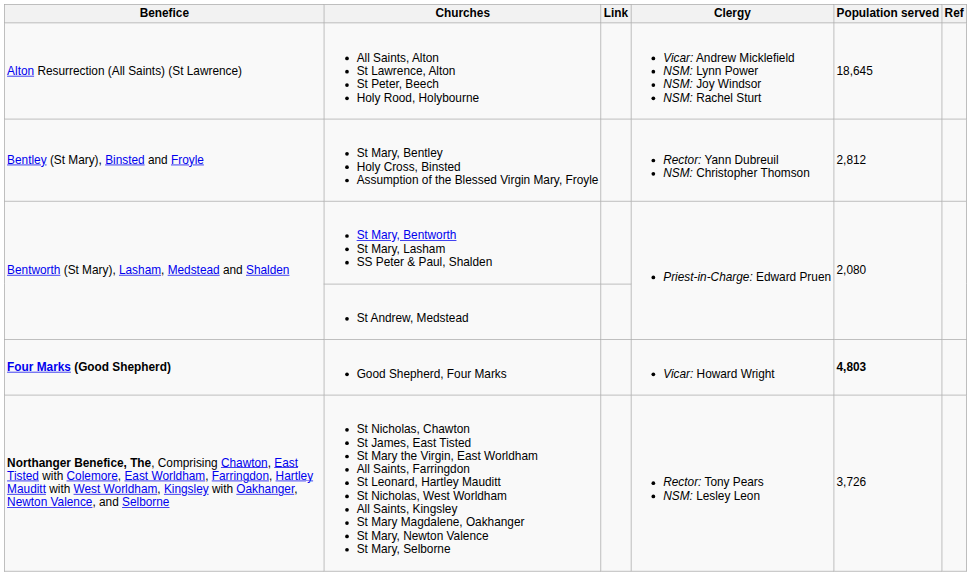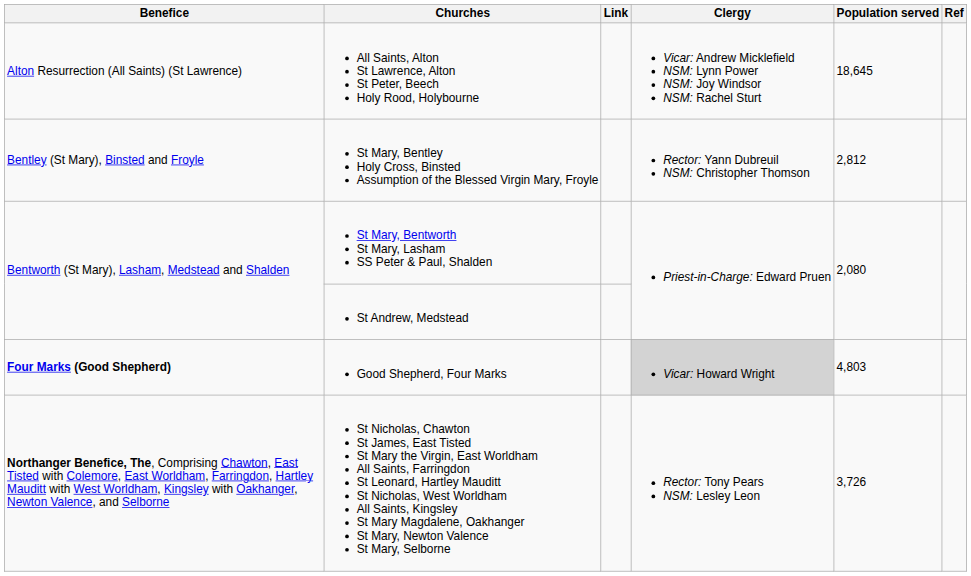 <table class="wikitable">
 <tr>
 <th style="width:425px;">Benefice</th>
 <th>Churches</th>
 <th>Link</th>
 <th>Clergy</th>
 <th>Population served</th>
 <th>Ref</th>
 </tr>
 <tr>
 <td><a href='#'>Alton</a> Resurrection (All Saints) (St Lawrence)</td>
 <td><br><ul><li>All Saints, Alton</li><li>St Lawrence, Alton</li><li>St Peter, Beech</li><li>Holy Rood, Holybourne</li></ul></td>
 <td></td>
 <td><br><ul><li><em>Vicar:</em> Andrew Micklefield</li><li><em>NSM:</em> Lynn Power</li><li><em>NSM:</em> Joy Windsor</li><li><em>NSM:</em> Rachel Sturt</li></ul></td>
 <td>18,645</td>
 <td></td>
 </tr>
 <tr>
 <td><a href='#'>Bentley</a> (St Mary), <a href='#'>Binsted</a> and <a href='#'>Froyle</a></td>
 <td><br><ul><li>St Mary, Bentley</li><li>Holy Cross, Binsted</li><li>Assumption of the Blessed Virgin Mary, Froyle</li></ul></td>
 <td></td>
 <td><br><ul><li><em>Rector:</em> Yann Dubreuil</li><li><em>NSM:</em> Christopher Thomson</li></ul></td>
 <td>2,812</td>
 <td></td>
 </tr>
 <tr>
 <td rowspan="2"><a href='#'>Bentworth</a> (St Mary), <a href='#'>Lasham</a>, <a href='#'>Medstead</a> and <a href='#'>Shalden</a></td>
 <td><br><ul><li><a href='#'>St Mary, Bentworth</a></li><li>St Mary, Lasham</li><li>SS Peter & Paul, Shalden</li></ul></td>
 <td></td>
 <td rowspan="2"><br><ul><li><em>Priest-in-Charge:</em> Edward Pruen</li></ul></td>
 <td rowspan="2">2,080</td>
 <td rowspan="2"></td>
 </tr>
 <tr>
 <td><br><ul><li>St Andrew, Medstead</li></ul></td>
 <td> </td>
 </tr>
 <tr>
 <td><strong><a href='#'>Four Marks</a> (Good Shepherd)</strong></td>
 <td><br><ul><li>Good Shepherd, Four Marks</li></ul></td>
 <td></td>
-<td><br><ul><li><em>Vicar:</em> Howard Wright</li></ul></td>
-<td><strong>4,803</strong></td>
+<td style="background: lightgrey;"><br><ul><li><em>Vicar:</em> Howard Wright</li></ul></td>
+<td>4,803</td>
 <td></td>
 </tr>
 <tr>
 <td><strong>Northanger Benefice, The</strong>, Comprising <a href='#'>Chawton</a>, <a href='#'>East Tisted</a> with <a href='#'>Colemore</a>, <a href='#'>East Worldham</a>, <a href='#'>Farringdon</a>, <a href='#'>Hartley Mauditt</a> with <a href='#'>West Worldham</a>, <a href='#'>Kingsley</a> with <a href='#'>Oakhanger</a>, <a href='#'>Newton Valence</a>, and <a href='#'>Selborne</a></td>
 <td><br><ul><li>St Nicholas, Chawton</li><li>St James, East Tisted</li><li>St Mary the Virgin, East Worldham</li><li>All Saints, Farringdon</li><li>St Leonard, Hartley Mauditt</li><li>St Nicholas, West Worldham</li><li>All Saints, Kingsley</li><li>St Mary Magdalene, Oakhanger</li><li>St Mary, Newton Valence</li><li>St Mary, Selborne</li></ul></td>
 <td></td>
 <td><br><ul><li><em>Rector:</em> Tony Pears</li><li><em>NSM:</em> Lesley Leon</li></ul></td>
 <td>3,726</td>
 <td></td>
 </tr>
 </table>
